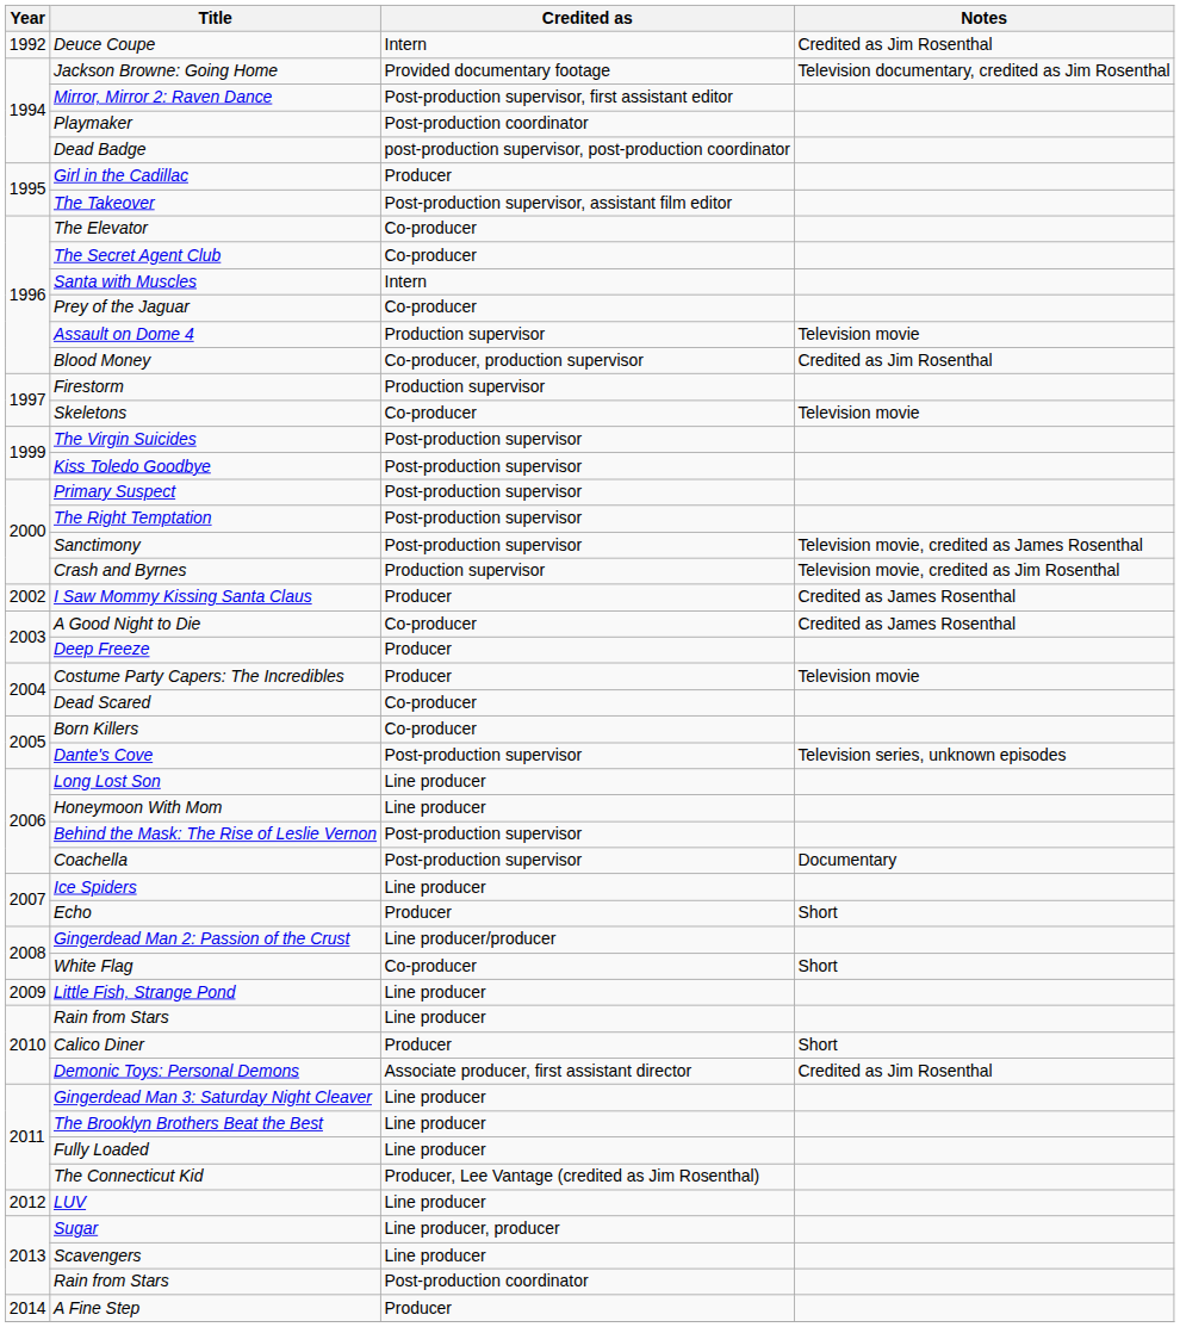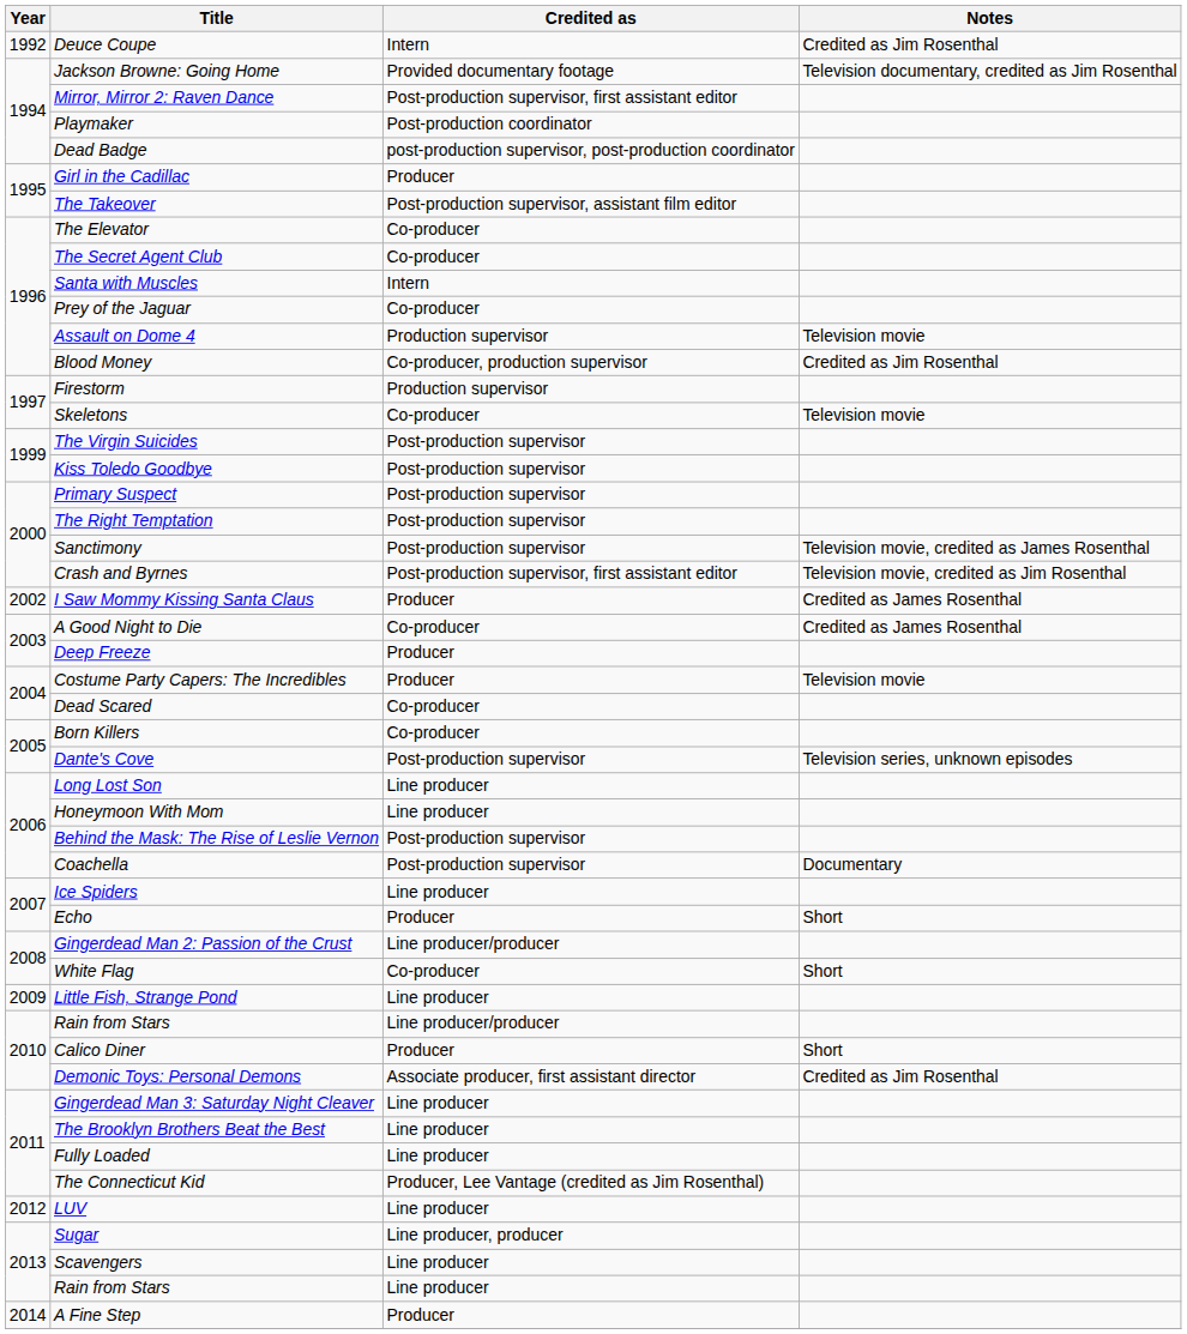 <table class="wikitable sortable">
 <tr>
 <th>Year</th>
 <th>Title</th>
 <th>Credited as</th>
 <th class="unsortable">Notes</th>
 </tr>
 <tr>
 <td>1992</td>
 <td><em>Deuce Coupe</em></td>
 <td>Intern</td>
 <td>Credited as Jim Rosenthal</td>
 </tr>
 <tr>
 <td rowspan="4">1994</td>
 <td><em>Jackson Browne: Going Home</em></td>
 <td>Provided documentary footage</td>
 <td>Television documentary, credited as Jim Rosenthal</td>
 </tr>
 <tr>
 <td><em><a href='#'>Mirror, Mirror 2: Raven Dance</a></em></td>
 <td>Post-production supervisor, first assistant editor</td>
 <td></td>
 </tr>
 <tr>
 <td><em>Playmaker</em></td>
 <td>Post-production coordinator</td>
 <td></td>
 </tr>
 <tr>
 <td><em>Dead Badge</em></td>
 <td>post-production supervisor, post-production coordinator</td>
 <td></td>
 </tr>
 <tr>
 <td rowspan="2">1995</td>
 <td><em><a href='#'>Girl in the Cadillac</a></em></td>
 <td>Producer</td>
 <td></td>
 </tr>
 <tr>
 <td><em><a href='#'>The Takeover</a></em></td>
 <td>Post-production supervisor, assistant film editor</td>
 <td></td>
 </tr>
 <tr>
 <td rowspan="6">1996</td>
 <td><em>The Elevator</em></td>
 <td>Co-producer</td>
 <td></td>
 </tr>
 <tr>
 <td><em><a href='#'>The Secret Agent Club</a></em></td>
 <td>Co-producer</td>
 <td></td>
 </tr>
 <tr>
 <td><em><a href='#'>Santa with Muscles</a></em></td>
 <td>Intern</td>
 <td></td>
 </tr>
 <tr>
 <td><em>Prey of the Jaguar</em></td>
 <td>Co-producer</td>
 <td></td>
 </tr>
 <tr>
 <td><em><a href='#'>Assault on Dome 4</a></em></td>
 <td>Production supervisor</td>
 <td>Television movie</td>
 </tr>
 <tr>
 <td><em>Blood Money</em></td>
 <td>Co-producer, production supervisor</td>
 <td>Credited as Jim Rosenthal</td>
 </tr>
 <tr>
 <td rowspan="2">1997</td>
 <td><em>Firestorm</em></td>
 <td>Production supervisor</td>
 <td></td>
 </tr>
 <tr>
 <td><em>Skeletons</em></td>
 <td>Co-producer</td>
 <td>Television movie</td>
 </tr>
 <tr>
 <td rowspan="2">1999</td>
 <td><em><a href='#'>The Virgin Suicides</a></em></td>
 <td>Post-production supervisor</td>
 <td></td>
 </tr>
 <tr>
 <td><em><a href='#'>Kiss Toledo Goodbye</a></em></td>
 <td>Post-production supervisor</td>
 <td></td>
 </tr>
 <tr>
 <td rowspan="4">2000</td>
 <td><em><a href='#'>Primary Suspect</a></em></td>
 <td>Post-production supervisor</td>
 <td></td>
 </tr>
 <tr>
 <td><em><a href='#'>The Right Temptation</a></em></td>
 <td>Post-production supervisor</td>
 <td></td>
 </tr>
 <tr>
 <td><em>Sanctimony</em></td>
 <td>Post-production supervisor</td>
 <td>Television movie, credited as James Rosenthal</td>
 </tr>
 <tr>
 <td><em>Crash and Byrnes</em></td>
-<td>Production supervisor</td>
+<td>Post-production supervisor, first assistant editor</td>
 <td>Television movie, credited as Jim Rosenthal</td>
 </tr>
 <tr>
 <td>2002</td>
 <td><em><a href='#'>I Saw Mommy Kissing Santa Claus</a></em></td>
 <td>Producer</td>
 <td>Credited as James Rosenthal</td>
 </tr>
 <tr>
 <td rowspan="2">2003</td>
 <td><em>A Good Night to Die</em></td>
 <td>Co-producer</td>
 <td>Credited as James Rosenthal</td>
 </tr>
 <tr>
 <td><em><a href='#'>Deep Freeze</a></em></td>
 <td>Producer</td>
 <td></td>
 </tr>
 <tr>
 <td rowspan="2">2004</td>
 <td><em>Costume Party Capers: The Incredibles</em></td>
 <td>Producer</td>
 <td>Television movie</td>
 </tr>
 <tr>
 <td><em>Dead Scared</em></td>
 <td>Co-producer</td>
 <td></td>
 </tr>
 <tr>
 <td rowspan="2">2005</td>
 <td><em>Born Killers</em></td>
 <td>Co-producer</td>
 <td></td>
 </tr>
 <tr>
 <td><em><a href='#'>Dante's Cove</a></em></td>
 <td>Post-production supervisor</td>
 <td>Television series, unknown episodes</td>
 </tr>
 <tr>
 <td rowspan="4">2006</td>
 <td><em><a href='#'>Long Lost Son</a></em></td>
 <td>Line producer</td>
 <td></td>
 </tr>
 <tr>
 <td><em>Honeymoon With Mom</em></td>
 <td>Line producer</td>
 <td></td>
 </tr>
 <tr>
 <td><em><a href='#'>Behind the Mask: The Rise of Leslie Vernon</a></em></td>
 <td>Post-production supervisor</td>
 <td></td>
 </tr>
 <tr>
 <td><em>Coachella</em></td>
 <td>Post-production supervisor</td>
 <td>Documentary</td>
 </tr>
 <tr>
 <td rowspan="2">2007</td>
 <td><em><a href='#'>Ice Spiders</a></em></td>
 <td>Line producer</td>
 <td></td>
 </tr>
 <tr>
 <td><em>Echo</em></td>
 <td>Producer</td>
 <td>Short</td>
 </tr>
 <tr>
 <td rowspan="2">2008</td>
 <td><em><a href='#'>Gingerdead Man 2: Passion of the Crust</a></em></td>
 <td>Line producer/producer</td>
 <td></td>
 </tr>
 <tr>
 <td><em>White Flag</em></td>
 <td>Co-producer</td>
 <td>Short</td>
 </tr>
 <tr>
 <td>2009</td>
 <td><em><a href='#'>Little Fish, Strange Pond</a></em></td>
 <td>Line producer</td>
 <td></td>
 </tr>
 <tr>
 <td rowspan="3">2010</td>
 <td><em>Rain from Stars</em></td>
-<td>Line producer</td>
+<td>Line producer/producer</td>
 <td></td>
 </tr>
 <tr>
 <td><em>Calico Diner</em></td>
 <td>Producer</td>
 <td>Short</td>
 </tr>
 <tr>
 <td><em><a href='#'>Demonic Toys: Personal Demons</a></em></td>
 <td>Associate producer, first assistant director</td>
 <td>Credited as Jim Rosenthal</td>
 </tr>
 <tr>
 <td rowspan="4">2011</td>
 <td><em><a href='#'>Gingerdead Man 3: Saturday Night Cleaver</a></em></td>
 <td>Line producer</td>
 <td></td>
 </tr>
 <tr>
 <td><em><a href='#'>The Brooklyn Brothers Beat the Best</a></em></td>
 <td>Line producer</td>
 <td></td>
 </tr>
 <tr>
 <td><em>Fully Loaded</em></td>
 <td>Line producer</td>
 <td></td>
 </tr>
 <tr>
 <td><em>The Connecticut Kid</em></td>
 <td>Producer, Lee Vantage (credited as Jim Rosenthal)</td>
 <td></td>
 </tr>
 <tr>
 <td>2012</td>
 <td><em><a href='#'>LUV</a></em></td>
 <td>Line producer</td>
 <td></td>
 </tr>
 <tr>
 <td rowspan="3">2013</td>
 <td><em><a href='#'>Sugar</a></em></td>
 <td>Line producer, producer</td>
 <td></td>
 </tr>
 <tr>
 <td><em>Scavengers</em></td>
 <td>Line producer</td>
 <td></td>
 </tr>
 <tr>
 <td><em>Rain from Stars</em></td>
-<td>Post-production coordinator</td>
+<td>Line producer</td>
 <td></td>
 </tr>
 <tr>
 <td>2014</td>
 <td><em>A Fine Step</em></td>
 <td>Producer</td>
 <td></td>
 </tr>
 <tr>
 </tr>
 </table>
